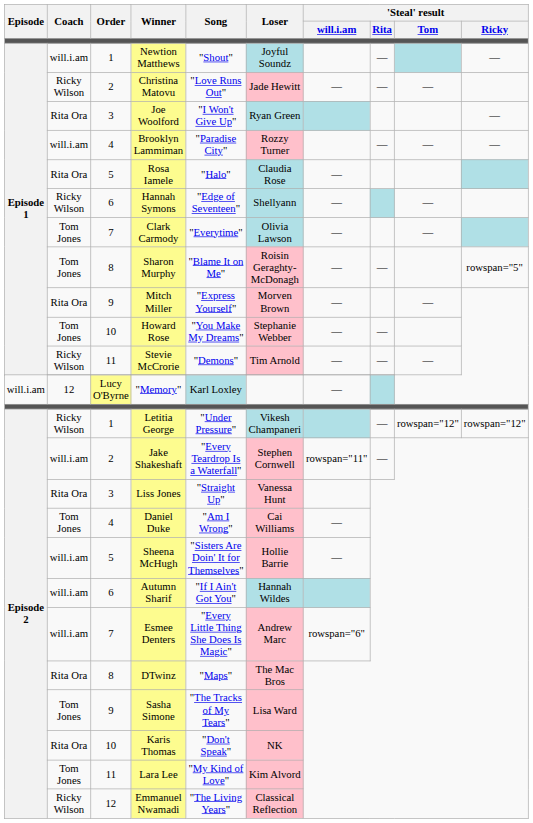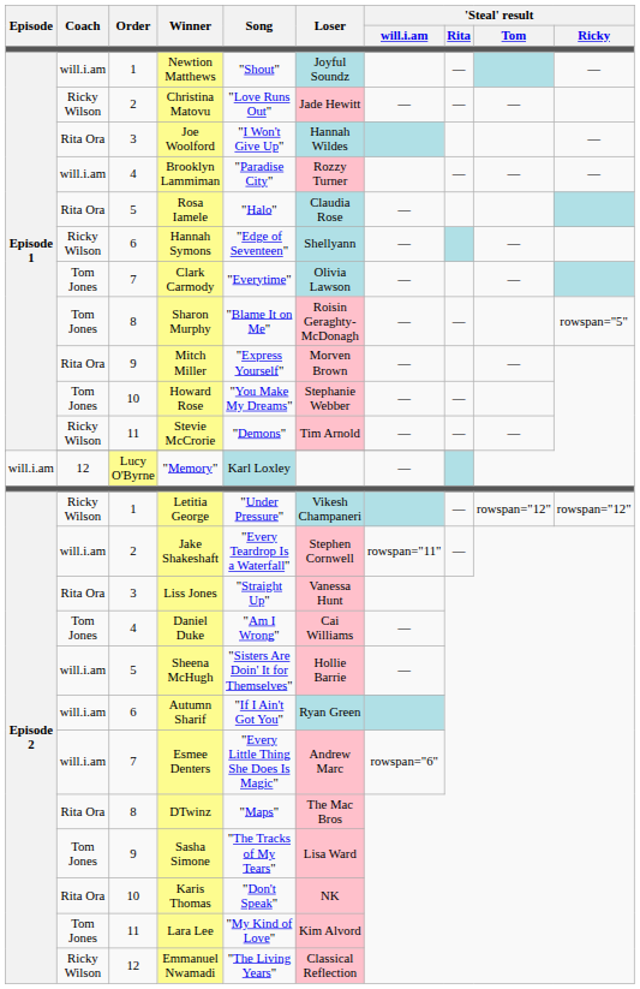 <table class="wikitable" style="text-align: center; width:100%;">
 <tr>
 <th rowspan="2" width="10%">Episode</th>
 <th rowspan="2" width="13%">Coach</th>
 <th rowspan="2" width="05%">Order</th>
 <th rowspan="2" width="15%">Winner</th>
 <th rowspan="2" width="22%">Song</th>
 <th rowspan="2" width="14%">Loser</th>
 <th colspan="4" width="20%">'Steal' result</th>
 </tr>
 <tr>
 <th width="05%"><a href='#'>will.i.am</a></th>
 <th width="05%"><a href='#'>Rita</a></th>
 <th width="05%"><a href='#'>Tom</a></th>
 <th width="05%"><a href='#'>Ricky</a></th>
 </tr>
 <tr>
 <td colspan="10" style="background:#555555;"></td>
 </tr>
 <tr>
 <th rowspan="12">Episode 1<br><small></small></th>
 <td>will.i.am</td>
 <td>1</td>
 <td style="background:#fdfc8f;text-align:center;">Newtion Matthews</td>
 <td>"<a href='#'>Shout</a>"</td>
 <td style="background:#B0E0E6; text-align:center;">Joyful Soundz</td>
 <td></td>
 <td>—</td>
 <td style="background:#b0e0e6;text-align:center;"><strong></strong></td>
 <td>—</td>
 </tr>
 <tr>
 <td>Ricky Wilson</td>
 <td>2</td>
 <td style="background:#fdfc8f;text-align:center;">Christina Matovu</td>
 <td>"<a href='#'>Love Runs Out</a>"</td>
 <td style="background:pink; text-align:center;">Jade Hewitt</td>
 <td>—</td>
 <td>—</td>
 <td>—</td>
 <td></td>
 </tr>
 <tr>
 <td>Rita Ora</td>
 <td>3</td>
 <td style="background:#fdfc8f;text-align:center;">Joe Woolford</td>
 <td>"<a href='#'>I Won't Give Up</a>"</td>
-<td style="background:#B0E0E6; text-align:center;">Ryan Green</td>
+<td style="background:#B0E0E6;text-align:center;">Hannah Wildes</td>
 <td style="background:#b0e0e6;text-align:center;"><strong></strong></td>
 <td></td>
 <td><strong></strong></td>
 <td>—</td>
 </tr>
 <tr>
 <td>will.i.am</td>
 <td>4</td>
 <td style="background:#fdfc8f;text-align:center;">Brooklyn Lammiman</td>
 <td>"<a href='#'>Paradise City</a>"</td>
 <td style="background:pink; text-align:center;">Rozzy Turner</td>
 <td></td>
 <td>—</td>
 <td>—</td>
 <td>—</td>
 </tr>
 <tr>
 <td>Rita Ora</td>
 <td>5</td>
 <td style="background:#fdfc8f;text-align:center;">Rosa Iamele</td>
 <td>"<a href='#'>Halo</a>"</td>
 <td style="background:#B0E0E6;text-align:center;">Claudia Rose</td>
 <td>—</td>
 <td><strong></strong></td>
 <td></td>
 <td style="background:#b0e0e6;text-align:center;"><strong></strong></td>
 </tr>
 <tr>
 <td>Ricky Wilson</td>
 <td>6</td>
 <td style="background:#fdfc8f;text-align:center;">Hannah Symons</td>
 <td>"<a href='#'>Edge of Seventeen</a>"</td>
 <td style="background:#B0E0E6;text-align:center;">Shellyann</td>
 <td>—</td>
 <td style="background:#b0e0e6;text-align:center;"><strong></strong></td>
 <td>—</td>
 <td></td>
 </tr>
 <tr>
 <td>Tom Jones</td>
 <td>7</td>
 <td style="background:#fdfc8f;text-align:center;">Clark Carmody</td>
 <td>"<a href='#'>Everytime</a>"</td>
 <td style="background:#B0E0E6;text-align:center;">Olivia Lawson</td>
 <td>—</td>
 <td></td>
 <td>—</td>
 <td style="background:#b0e0e6;text-align:center;"><strong></strong></td>
 </tr>
 <tr>
 <td>Tom Jones</td>
 <td>8</td>
 <td style="background:#fdfc8f; text-align:center;">Sharon Murphy</td>
 <td>"<a href='#'>Blame It on Me</a>"</td>
 <td style="background:pink;text-align:center;">Roisin Geraghty-McDonagh</td>
 <td>—</td>
 <td>—</td>
 <td></td>
 <td>rowspan="5" </td>
 </tr>
 <tr>
 <td>Rita Ora</td>
 <td>9</td>
 <td style="background:#fdfc8f;text-align:center;">Mitch Miller</td>
 <td>"<a href='#'>Express Yourself</a>"</td>
 <td style="background:pink; text-align:center;">Morven Brown</td>
 <td>—</td>
 <td></td>
 <td>—</td>
 </tr>
 <tr>
 <td>Tom Jones</td>
 <td>10</td>
 <td style="background:#fdfc8f;text-align:center;">Howard Rose</td>
 <td>"<a href='#'>You Make My Dreams</a>"</td>
 <td style="background:pink;text-align:center;">Stephanie Webber</td>
 <td>—</td>
 <td>—</td>
 <td></td>
 </tr>
 <tr>
 <td>Ricky Wilson</td>
 <td>11</td>
 <td style="background:#fdfc8f;text-align:center;">Stevie McCrorie</td>
 <td>"<a href='#'>Demons</a>"</td>
 <td style="background:pink;text-align:center;">Tim Arnold</td>
 <td>—</td>
 <td>—</td>
 <td>—</td>
 </tr>
 <tr>
 </tr>
 <tr>
 <td>will.i.am</td>
 <td>12</td>
 <td style="background:#fdfc8f;text-align:center;">Lucy O'Byrne</td>
 <td>"<a href='#'>Memory</a>"</td>
 <td style="background:#B0E0E6;text-align:center;">Karl Loxley</td>
 <td></td>
 <td>—</td>
 <td style="background:#b0e0e6;text-align:center;"><strong></strong></td>
 </tr>
 <tr>
 <td colspan="10" style="background:#555555;"></td>
 </tr>
 <tr>
 <th rowspan="12">Episode 2 <br><small></small></th>
 <td>Ricky Wilson</td>
 <td>1</td>
 <td style="background:#fdfc8f;text-align:center;">Letitia George</td>
 <td>"<a href='#'>Under Pressure</a>"</td>
 <td style="background:#B0E0E6;text-align:center;">Vikesh Champaneri</td>
 <td style="background:#b0e0e6;text-align:center;"><strong></strong></td>
 <td>—</td>
 <td>rowspan="12" </td>
 <td>rowspan="12" </td>
 </tr>
 <tr>
 <td>will.i.am</td>
 <td>2</td>
 <td style="background:#fdfc8f;text-align:center;">Jake Shakeshaft</td>
 <td>"<a href='#'>Every Teardrop Is a Waterfall</a>"</td>
 <td style="background:pink;text-align:center;">Stephen Cornwell</td>
 <td>rowspan="11" </td>
 <td>—</td>
 </tr>
 <tr>
 <td>Rita Ora</td>
 <td>3</td>
 <td style="background:#fdfc8f;text-align:center;">Liss Jones</td>
 <td>"<a href='#'>Straight Up</a>"</td>
 <td style="background:pink;text-align:center;">Vanessa Hunt</td>
 <td></td>
 </tr>
 <tr>
 <td>Tom Jones</td>
 <td>4</td>
 <td style="background:#fdfc8f;text-align:center;">Daniel Duke</td>
 <td>"<a href='#'>Am I Wrong</a>"</td>
 <td style="background:pink;text-align:center;">Cai Williams</td>
 <td>—</td>
 </tr>
 <tr>
 <td>will.i.am</td>
 <td>5</td>
 <td style="background:#fdfc8f;text-align:center;">Sheena McHugh</td>
 <td>"<a href='#'>Sisters Are Doin' It for Themselves</a>"</td>
 <td style="background:pink;text-align:center;">Hollie Barrie</td>
 <td>—</td>
 </tr>
 <tr>
 <td>will.i.am</td>
 <td>6</td>
 <td style="background:#fdfc8f;text-align:center;">Autumn Sharif</td>
 <td>"<a href='#'>If I Ain't Got You</a>"</td>
-<td style="background:#B0E0E6;text-align:center;">Hannah Wildes</td>
+<td style="background:#B0E0E6; text-align:center;">Ryan Green</td>
 <td style="background:#b0e0e6;text-align:center;"><strong></strong></td>
 </tr>
 <tr>
 <td>will.i.am</td>
 <td>7</td>
 <td style="background:#fdfc8f;text-align:center;">Esmee Denters</td>
 <td>"<a href='#'>Every Little Thing She Does Is Magic</a>"</td>
 <td style="background:pink;text-align:center;">Andrew Marc</td>
 <td>rowspan="6" </td>
 </tr>
 <tr>
 <td>Rita Ora</td>
 <td>8</td>
 <td style="background:#fdfc8f;text-align:center;">DTwinz</td>
 <td>"<a href='#'>Maps</a>"</td>
 <td style="background:pink;text-align:center;">The Mac Bros</td>
 </tr>
 <tr>
 <td>Tom Jones</td>
 <td>9</td>
 <td style="background:#fdfc8f;text-align:center;">Sasha Simone</td>
 <td>"<a href='#'>The Tracks of My Tears</a>"</td>
 <td style="background:pink;text-align:center;">Lisa Ward</td>
 </tr>
 <tr>
 <td>Rita Ora</td>
 <td>10</td>
 <td style="background:#fdfc8f;text-align:center;">Karis Thomas</td>
 <td>"<a href='#'>Don't Speak</a>"</td>
 <td style="background:pink;text-align:center;">NK</td>
 </tr>
 <tr>
 <td>Tom Jones</td>
 <td>11</td>
 <td style="background:#fdfc8f;text-align:center;">Lara Lee</td>
 <td>"<a href='#'>My Kind of Love</a>"</td>
 <td style="background:pink;text-align:center;">Kim Alvord</td>
 </tr>
 <tr>
 <td>Ricky Wilson</td>
 <td>12</td>
 <td style="background:#fdfc8f;text-align:center;">Emmanuel Nwamadi</td>
 <td>"<a href='#'>The Living Years</a>"</td>
 <td style="background:pink;text-align:center;">Classical Reflection</td>
 </tr>
 </table>
